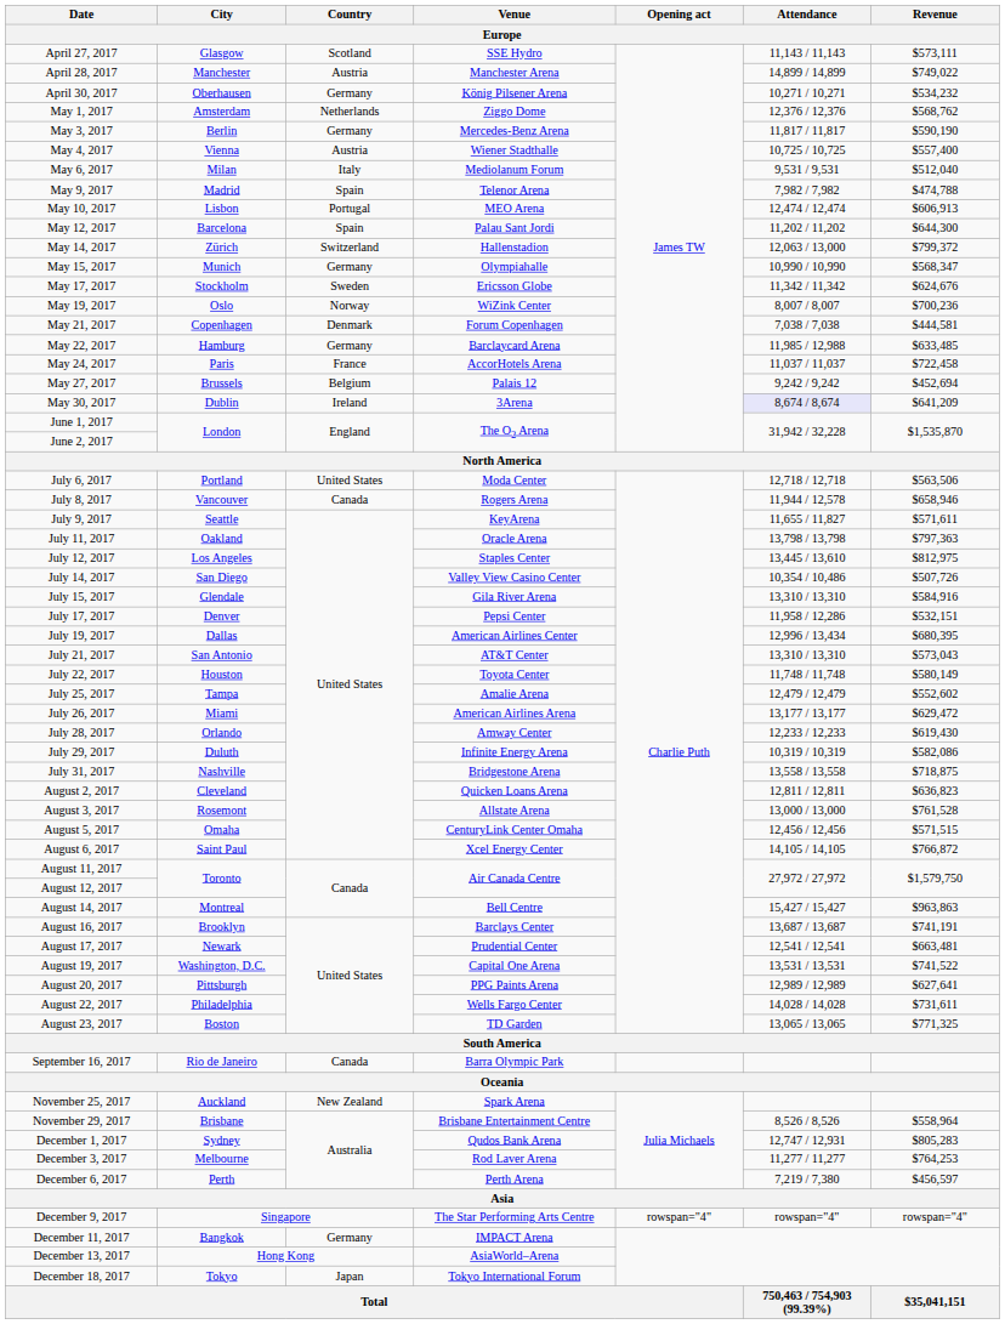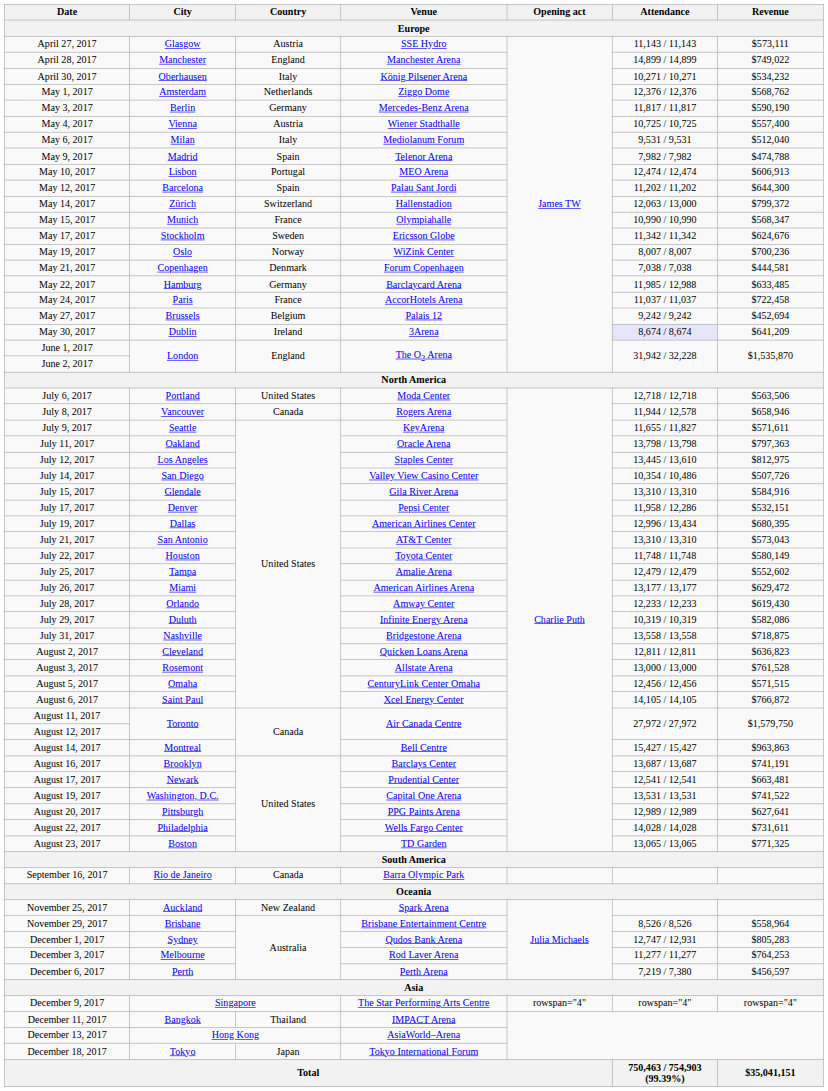 <table class="wikitable" style="text-align:center;">
 <tr>
 <th scope="col" style="width:12em;">Date</th>
 <th scope="col" style="width:10em;">City</th>
 <th scope="col" style="width:10em;">Country</th>
 <th scope="col" style="width:16em;">Venue</th>
 <th scope="col" style="width:10em;">Opening act</th>
 <th scope="col" style="width:10em;">Attendance</th>
 <th scope="col" style="width:10em;">Revenue</th>
 </tr>
 <tr>
 <th colspan="7">Europe</th>
 </tr>
 <tr>
 <td>April 27, 2017</td>
 <td><a href='#'>Glasgow</a></td>
-<td>Scotland</td>
+<td>Austria</td>
 <td><a href='#'>SSE Hydro</a></td>
 <td rowspan="21"><a href='#'>James TW</a></td>
 <td>11,143 / 11,143</td>
 <td>$573,111</td>
 </tr>
 <tr>
 <td>April 28, 2017</td>
 <td><a href='#'>Manchester</a></td>
-<td>Austria</td>
+<td>England</td>
 <td><a href='#'>Manchester Arena</a></td>
 <td>14,899 / 14,899</td>
 <td>$749,022</td>
 </tr>
 <tr>
 <td>April 30, 2017</td>
 <td><a href='#'>Oberhausen</a></td>
-<td>Germany</td>
+<td>Italy</td>
 <td><a href='#'>König Pilsener Arena</a></td>
 <td>10,271 / 10,271</td>
 <td>$534,232</td>
 </tr>
 <tr>
 <td>May 1, 2017</td>
 <td><a href='#'>Amsterdam</a></td>
 <td>Netherlands</td>
 <td><a href='#'>Ziggo Dome</a></td>
 <td>12,376 / 12,376</td>
 <td>$568,762</td>
 </tr>
 <tr>
 <td>May 3, 2017</td>
 <td><a href='#'>Berlin</a></td>
 <td>Germany</td>
 <td><a href='#'>Mercedes-Benz Arena</a></td>
 <td>11,817 / 11,817</td>
 <td>$590,190</td>
 </tr>
 <tr>
 <td>May 4, 2017</td>
 <td><a href='#'>Vienna</a></td>
 <td>Austria</td>
 <td><a href='#'>Wiener Stadthalle</a></td>
 <td>10,725 / 10,725</td>
 <td>$557,400</td>
 </tr>
 <tr>
 <td>May 6, 2017</td>
 <td><a href='#'>Milan</a></td>
 <td>Italy</td>
 <td><a href='#'>Mediolanum Forum</a></td>
 <td>9,531 / 9,531</td>
 <td>$512,040</td>
 </tr>
 <tr>
 <td>May 9, 2017</td>
 <td><a href='#'>Madrid</a></td>
 <td>Spain</td>
 <td><a href='#'>Telenor Arena</a></td>
 <td>7,982 / 7,982</td>
 <td>$474,788</td>
 </tr>
 <tr>
 <td>May 10, 2017</td>
 <td><a href='#'>Lisbon</a></td>
 <td>Portugal</td>
 <td><a href='#'>MEO Arena</a></td>
 <td>12,474 / 12,474</td>
 <td>$606,913</td>
 </tr>
 <tr>
 <td>May 12, 2017</td>
 <td><a href='#'>Barcelona</a></td>
 <td>Spain</td>
 <td><a href='#'>Palau Sant Jordi</a></td>
 <td>11,202 / 11,202</td>
 <td>$644,300</td>
 </tr>
 <tr>
 <td>May 14, 2017</td>
 <td><a href='#'>Zürich</a></td>
 <td>Switzerland</td>
 <td><a href='#'>Hallenstadion</a></td>
 <td>12,063 / 13,000</td>
 <td>$799,372</td>
 </tr>
 <tr>
 <td>May 15, 2017</td>
 <td><a href='#'>Munich</a></td>
-<td>Germany</td>
+<td>France</td>
 <td><a href='#'>Olympiahalle</a></td>
 <td>10,990 / 10,990</td>
 <td>$568,347</td>
 </tr>
 <tr>
 <td>May 17, 2017</td>
 <td><a href='#'>Stockholm</a></td>
 <td>Sweden</td>
 <td><a href='#'>Ericsson Globe</a></td>
 <td>11,342 / 11,342</td>
 <td>$624,676</td>
 </tr>
 <tr>
 <td>May 19, 2017</td>
 <td><a href='#'>Oslo</a></td>
 <td>Norway</td>
 <td><a href='#'>WiZink Center</a></td>
 <td>8,007 / 8,007</td>
 <td>$700,236</td>
 </tr>
 <tr>
 <td>May 21, 2017</td>
 <td><a href='#'>Copenhagen</a></td>
 <td>Denmark</td>
 <td><a href='#'>Forum Copenhagen</a></td>
 <td>7,038 / 7,038</td>
 <td>$444,581</td>
 </tr>
 <tr>
 <td>May 22, 2017</td>
 <td><a href='#'>Hamburg</a></td>
 <td>Germany</td>
 <td><a href='#'>Barclaycard Arena</a></td>
 <td>11,985 / 12,988</td>
 <td>$633,485</td>
 </tr>
 <tr>
 <td>May 24, 2017</td>
 <td><a href='#'>Paris</a></td>
 <td>France</td>
 <td><a href='#'>AccorHotels Arena</a></td>
 <td>11,037 / 11,037</td>
 <td>$722,458</td>
 </tr>
 <tr>
 <td>May 27, 2017</td>
 <td><a href='#'>Brussels</a></td>
 <td>Belgium</td>
 <td><a href='#'>Palais 12</a></td>
 <td>9,242 / 9,242</td>
 <td>$452,694</td>
 </tr>
 <tr>
 <td>May 30, 2017</td>
 <td><a href='#'>Dublin</a></td>
 <td>Ireland</td>
 <td><a href='#'>3Arena</a></td>
 <td style="background: lavender;">8,674 / 8,674</td>
 <td>$641,209</td>
 </tr>
 <tr>
 <td>June 1, 2017</td>
 <td rowspan="2"><a href='#'>London</a></td>
 <td rowspan="2">England</td>
 <td rowspan="2"><a href='#'>The O<sub>2</sub> Arena</a></td>
 <td rowspan="2">31,942 / 32,228</td>
 <td rowspan="2">$1,535,870</td>
 </tr>
 <tr>
 <td>June 2, 2017</td>
 </tr>
 <tr>
 <th colspan="7">North America</th>
 </tr>
 <tr>
 <td>July 6, 2017</td>
 <td><a href='#'>Portland</a></td>
 <td>United States</td>
 <td><a href='#'>Moda Center</a></td>
 <td rowspan="29"><a href='#'>Charlie Puth</a></td>
 <td>12,718 / 12,718</td>
 <td>$563,506</td>
 </tr>
 <tr>
 <td>July 8, 2017</td>
 <td><a href='#'>Vancouver</a></td>
 <td>Canada</td>
 <td><a href='#'>Rogers Arena</a></td>
 <td>11,944 / 12,578</td>
 <td>$658,946</td>
 </tr>
 <tr>
 <td>July 9, 2017</td>
 <td><a href='#'>Seattle</a></td>
 <td rowspan="18">United States</td>
 <td><a href='#'>KeyArena</a></td>
 <td>11,655 / 11,827</td>
 <td>$571,611</td>
 </tr>
 <tr>
 <td>July 11, 2017</td>
 <td><a href='#'>Oakland</a></td>
 <td><a href='#'>Oracle Arena</a></td>
 <td>13,798 / 13,798</td>
 <td>$797,363</td>
 </tr>
 <tr>
 <td>July 12, 2017</td>
 <td><a href='#'>Los Angeles</a></td>
 <td><a href='#'>Staples Center</a></td>
 <td>13,445 / 13,610</td>
 <td>$812,975</td>
 </tr>
 <tr>
 <td>July 14, 2017</td>
 <td><a href='#'>San Diego</a></td>
 <td><a href='#'>Valley View Casino Center</a></td>
 <td>10,354 / 10,486</td>
 <td>$507,726</td>
 </tr>
 <tr>
 <td>July 15, 2017</td>
 <td><a href='#'>Glendale</a></td>
 <td><a href='#'>Gila River Arena</a></td>
 <td>13,310 / 13,310</td>
 <td>$584,916</td>
 </tr>
 <tr>
 <td>July 17, 2017</td>
 <td><a href='#'>Denver</a></td>
 <td><a href='#'>Pepsi Center</a></td>
 <td>11,958 / 12,286</td>
 <td>$532,151</td>
 </tr>
 <tr>
 <td>July 19, 2017</td>
 <td><a href='#'>Dallas</a></td>
 <td><a href='#'>American Airlines Center</a></td>
 <td>12,996 / 13,434</td>
 <td>$680,395</td>
 </tr>
 <tr>
 <td>July 21, 2017</td>
 <td><a href='#'>San Antonio</a></td>
 <td><a href='#'>AT&T Center</a></td>
 <td>13,310 / 13,310</td>
 <td>$573,043</td>
 </tr>
 <tr>
 <td>July 22, 2017</td>
 <td><a href='#'>Houston</a></td>
 <td><a href='#'>Toyota Center</a></td>
 <td>11,748 / 11,748</td>
 <td>$580,149</td>
 </tr>
 <tr>
 <td>July 25, 2017</td>
 <td><a href='#'>Tampa</a></td>
 <td><a href='#'>Amalie Arena</a></td>
 <td>12,479 / 12,479</td>
 <td>$552,602</td>
 </tr>
 <tr>
 <td>July 26, 2017</td>
 <td><a href='#'>Miami</a></td>
 <td><a href='#'>American Airlines Arena</a></td>
 <td>13,177 / 13,177</td>
 <td>$629,472</td>
 </tr>
 <tr>
 <td>July 28, 2017</td>
 <td><a href='#'>Orlando</a></td>
 <td><a href='#'>Amway Center</a></td>
 <td>12,233 / 12,233</td>
 <td>$619,430</td>
 </tr>
 <tr>
 <td>July 29, 2017</td>
 <td><a href='#'>Duluth</a></td>
 <td><a href='#'>Infinite Energy Arena</a></td>
 <td>10,319 / 10,319</td>
 <td>$582,086</td>
 </tr>
 <tr>
 <td>July 31, 2017</td>
 <td><a href='#'>Nashville</a></td>
 <td><a href='#'>Bridgestone Arena</a></td>
 <td>13,558 / 13,558</td>
 <td>$718,875</td>
 </tr>
 <tr>
 <td>August 2, 2017</td>
 <td><a href='#'>Cleveland</a></td>
 <td><a href='#'>Quicken Loans Arena</a></td>
 <td>12,811 / 12,811</td>
 <td>$636,823</td>
 </tr>
 <tr>
 <td>August 3, 2017</td>
 <td><a href='#'>Rosemont</a></td>
 <td><a href='#'>Allstate Arena</a></td>
 <td>13,000 / 13,000</td>
 <td>$761,528</td>
 </tr>
 <tr>
 <td>August 5, 2017</td>
 <td><a href='#'>Omaha</a></td>
 <td><a href='#'>CenturyLink Center Omaha</a></td>
 <td>12,456 / 12,456</td>
 <td>$571,515</td>
 </tr>
 <tr>
 <td>August 6, 2017</td>
 <td><a href='#'>Saint Paul</a></td>
 <td><a href='#'>Xcel Energy Center</a></td>
 <td>14,105 / 14,105</td>
 <td>$766,872</td>
 </tr>
 <tr>
 <td>August 11, 2017</td>
 <td rowspan="2"><a href='#'>Toronto</a></td>
 <td rowspan="3">Canada</td>
 <td rowspan="2"><a href='#'>Air Canada Centre</a></td>
 <td rowspan="2">27,972 / 27,972</td>
 <td rowspan="2">$1,579,750</td>
 </tr>
 <tr>
 <td>August 12, 2017</td>
 </tr>
 <tr>
 <td>August 14, 2017</td>
 <td><a href='#'>Montreal</a></td>
 <td><a href='#'>Bell Centre</a></td>
 <td>15,427 / 15,427</td>
 <td>$963,863</td>
 </tr>
 <tr>
 <td>August 16, 2017</td>
 <td><a href='#'>Brooklyn</a></td>
 <td rowspan="6">United States</td>
 <td><a href='#'>Barclays Center</a></td>
 <td>13,687 / 13,687</td>
 <td>$741,191</td>
 </tr>
 <tr>
 <td>August 17, 2017</td>
 <td><a href='#'>Newark</a></td>
 <td><a href='#'>Prudential Center</a></td>
 <td>12,541 / 12,541</td>
 <td>$663,481</td>
 </tr>
 <tr>
 <td>August 19, 2017</td>
 <td><a href='#'>Washington, D.C.</a></td>
 <td><a href='#'>Capital One Arena</a></td>
 <td>13,531 / 13,531</td>
 <td>$741,522</td>
 </tr>
 <tr>
 <td>August 20, 2017</td>
 <td><a href='#'>Pittsburgh</a></td>
 <td><a href='#'>PPG Paints Arena</a></td>
 <td>12,989 / 12,989</td>
 <td>$627,641</td>
 </tr>
 <tr>
 <td>August 22, 2017</td>
 <td><a href='#'>Philadelphia</a></td>
 <td><a href='#'>Wells Fargo Center</a></td>
 <td>14,028 / 14,028</td>
 <td>$731,611</td>
 </tr>
 <tr>
 <td>August 23, 2017</td>
 <td><a href='#'>Boston</a></td>
 <td><a href='#'>TD Garden</a></td>
 <td>13,065 / 13,065</td>
 <td>$771,325</td>
 </tr>
 <tr>
 <th colspan="7">South America</th>
 </tr>
 <tr>
 <td>September 16, 2017</td>
 <td><a href='#'>Rio de Janeiro</a></td>
 <td>Canada</td>
 <td><a href='#'>Barra Olympic Park</a></td>
 <td></td>
 <td></td>
 <td></td>
 </tr>
 <tr>
 <th colspan="7">Oceania</th>
 </tr>
 <tr>
 <td>November 25, 2017</td>
 <td><a href='#'>Auckland</a></td>
 <td>New Zealand</td>
 <td><a href='#'>Spark Arena</a></td>
 <td rowspan="5"><a href='#'>Julia Michaels</a></td>
 <td></td>
 <td></td>
 </tr>
 <tr>
 <td>November 29, 2017</td>
 <td><a href='#'>Brisbane</a></td>
 <td rowspan="4">Australia</td>
 <td><a href='#'>Brisbane Entertainment Centre</a></td>
 <td>8,526 / 8,526</td>
 <td>$558,964</td>
 </tr>
 <tr>
 <td>December 1, 2017</td>
 <td><a href='#'>Sydney</a></td>
 <td><a href='#'>Qudos Bank Arena</a></td>
 <td>12,747 / 12,931</td>
 <td>$805,283</td>
 </tr>
 <tr>
 <td>December 3, 2017</td>
 <td><a href='#'>Melbourne</a></td>
 <td><a href='#'>Rod Laver Arena</a></td>
 <td>11,277 / 11,277</td>
 <td>$764,253</td>
 </tr>
 <tr>
 <td>December 6, 2017</td>
 <td><a href='#'>Perth</a></td>
 <td><a href='#'>Perth Arena</a></td>
 <td>7,219 / 7,380</td>
 <td>$456,597</td>
 </tr>
 <tr>
 <th colspan="7">Asia</th>
 </tr>
 <tr>
 <td>December 9, 2017</td>
 <td colspan="2"><a href='#'>Singapore</a></td>
 <td><a href='#'>The Star Performing Arts Centre</a></td>
 <td>rowspan="4" </td>
 <td>rowspan="4" </td>
 <td>rowspan="4" </td>
 </tr>
 <tr>
 <td>December 11, 2017</td>
 <td><a href='#'>Bangkok</a></td>
-<td>Germany</td>
+<td>Thailand</td>
 <td><a href='#'>IMPACT Arena</a></td>
 </tr>
 <tr>
 <td>December 13, 2017</td>
 <td colspan="2"><a href='#'>Hong Kong</a></td>
 <td><a href='#'>AsiaWorld–Arena</a></td>
 </tr>
 <tr>
 <td>December 18, 2017</td>
 <td><a href='#'>Tokyo</a></td>
 <td>Japan</td>
 <td><a href='#'>Tokyo International Forum</a></td>
 </tr>
 <tr>
 <th colspan="5">Total</th>
 <th>750,463 / 754,903 (99.39%)</th>
 <th>$35,041,151</th>
 </tr>
 </table>
